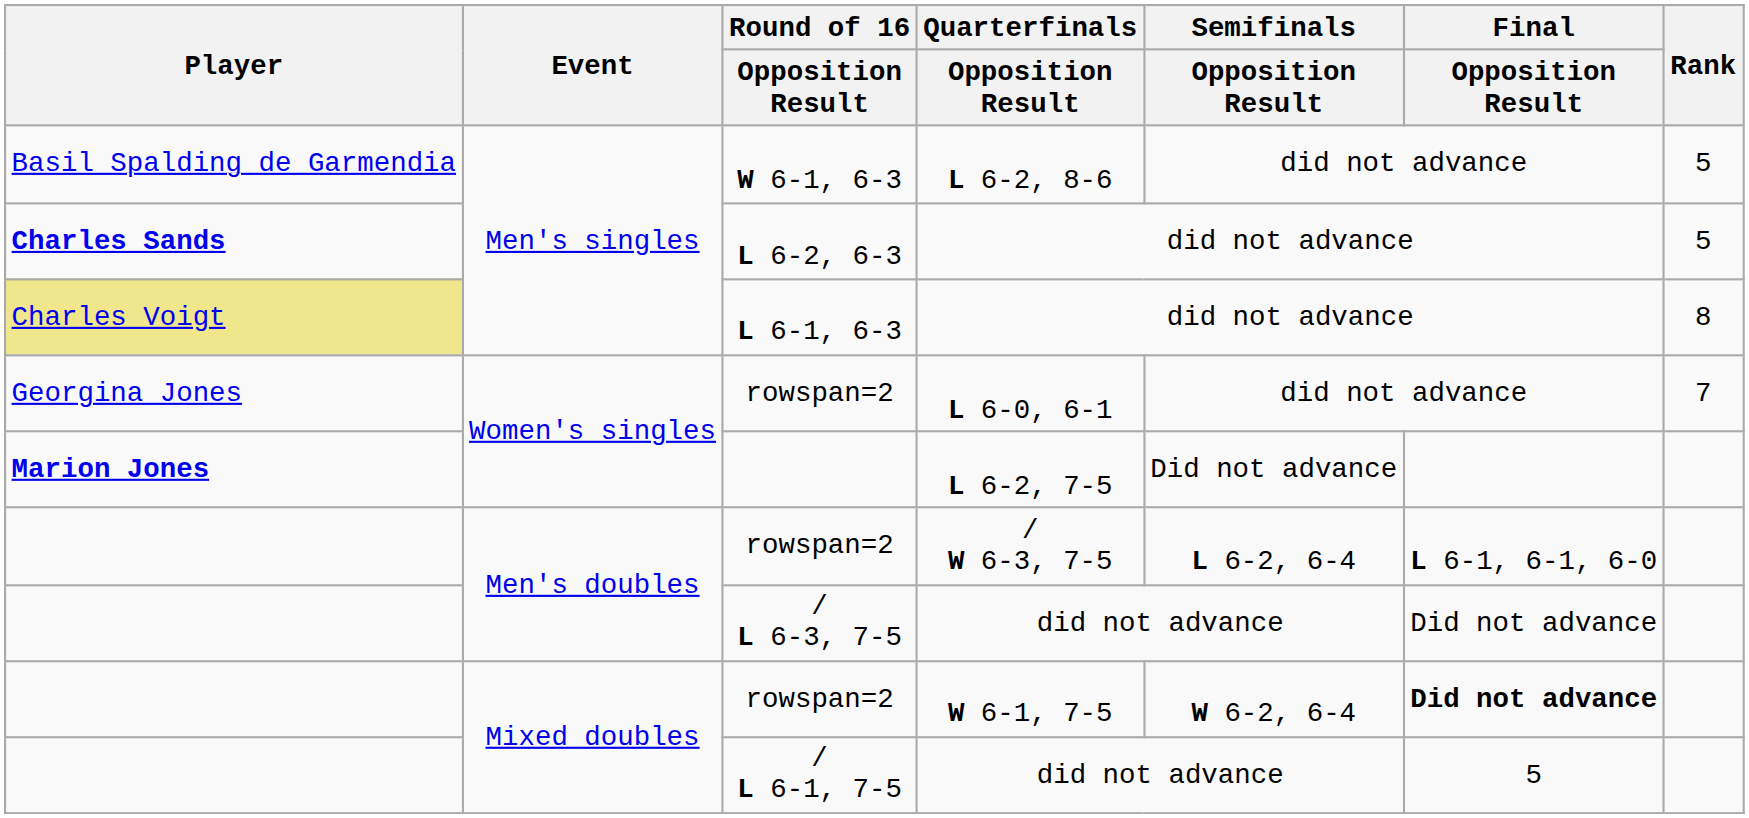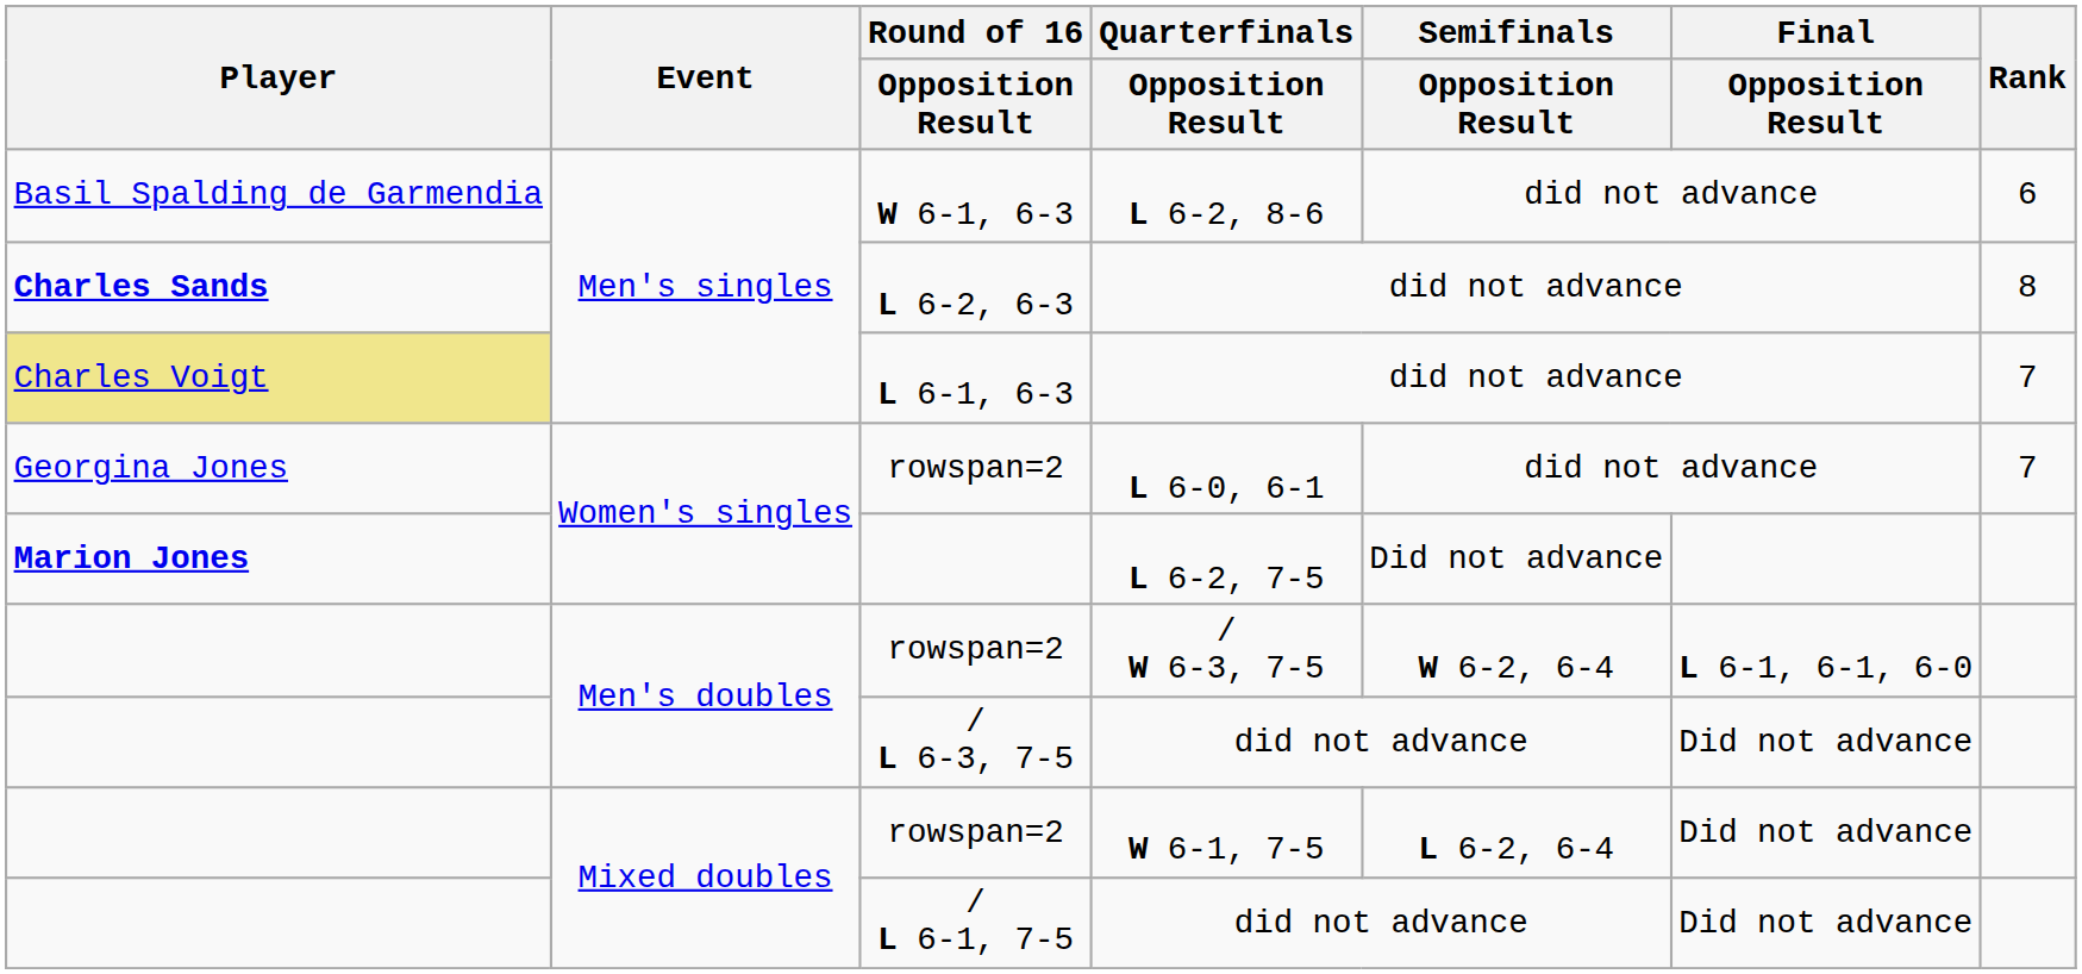 <table class=wikitable>
 <tr>
 <th rowspan=2>Player</th>
 <th rowspan=2>Event</th>
 <th>Round of 16</th>
 <th>Quarterfinals</th>
 <th>Semifinals</th>
 <th>Final</th>
 <th rowspan=2>Rank</th>
 </tr>
 <tr>
 <th>Opposition <br> Result</th>
 <th>Opposition <br> Result</th>
 <th>Opposition <br> Result</th>
 <th>Opposition <br> Result</th>
 </tr>
 <tr align=center>
 <td align=left><a href='#'>Basil Spalding de Garmendia</a></td>
 <td rowspan=3><a href='#'>Men's singles</a></td>
 <td> <br> <strong>W</strong> 6-1, 6-3</td>
 <td> <br> <strong>L</strong> 6-2, 8-6</td>
 <td colspan=2>did not advance</td>
-<td>5</td>
+<td>6</td>
 </tr>
 <tr align=center>
 <td align=left><strong><a href='#'>Charles Sands</a></strong></td>
 <td> <br> <strong>L</strong> 6-2, 6-3</td>
 <td colspan=3>did not advance</td>
-<td>5</td>
+<td>8</td>
 </tr>
 <tr align=center>
 <td align=left style="background: khaki;"><a href='#'>Charles Voigt</a></td>
 <td> <br> <strong>L</strong> 6-1, 6-3</td>
 <td colspan=3>did not advance</td>
-<td>8</td>
+<td>7</td>
 </tr>
 <tr align=center>
 <td align=left><a href='#'>Georgina Jones</a></td>
 <td rowspan=2><a href='#'>Women's singles</a></td>
 <td>rowspan=2 </td>
 <td> <br> <strong>L</strong> 6-0, 6-1</td>
 <td colspan=2>did not advance</td>
 <td>7</td>
 </tr>
 <tr align=center>
 <td align=left><strong><a href='#'>Marion Jones</a></strong></td>
 <td></td>
 <td> <br> <strong>L</strong> 6-2, 7-5</td>
 <td>Did not advance</td>
 <td></td>
 </tr>
 <tr align=center>
 <td align=left><strong></strong></td>
 <td rowspan=2><a href='#'>Men's doubles</a></td>
 <td>rowspan=2 </td>
 <td>/ <br> <strong>W</strong> 6-3, 7-5</td>
-<td> <br> <strong>L</strong> 6-2, 6-4</td>
+<td> <br> <strong>W</strong> 6-2, 6-4</td>
 <td> <br> <strong>L</strong> 6-1, 6-1, 6-0</td>
 <td></td>
 </tr>
 <tr align=center>
 <td align=left></td>
 <td>/ <br> <strong>L</strong> 6-3, 7-5</td>
 <td colspan=2>did not advance</td>
 <td>Did not advance</td>
 </tr>
 <tr align=center>
 <td align=left><strong></strong></td>
 <td rowspan=2><a href='#'>Mixed doubles</a></td>
 <td>rowspan=2 </td>
 <td> <br> <strong>W</strong> 6-1, 7-5</td>
-<td> <br> <strong>W</strong> 6-2, 6-4</td>
-<td><strong>Did not advance</strong></td>
+<td> <br> <strong>L</strong> 6-2, 6-4</td>
+<td>Did not advance</td>
 <td></td>
 </tr>
 <tr align=center>
 <td align=left></td>
 <td>/ <br> <strong>L</strong> 6-1, 7-5</td>
 <td colspan=2>did not advance</td>
-<td>5</td>
+<td>Did not advance</td>
 </tr>
 </table>
